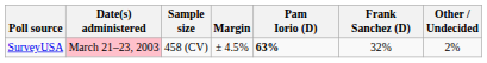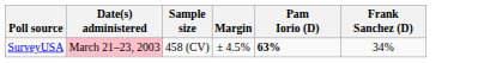 <table class="wikitable" style="font-size:90%">
 <tr valign=bottom>
 <th>Poll source</th>
 <th>Date(s)<br>administered</th>
 <th>Sample<br>size</th>
 <th>Margin<br></th>
 <th style="width:100px;">Pam<br>Iorio (D)</th>
 <th style="width:100px;">Frank<br>Sanchez (D)</th>
-<th>Other /<br>Undecided</th>
 </tr>
 <tr>
 <td><a href='#'>SurveyUSA</a></td>
 <td align=center style="background: pink;">March 21–23, 2003</td>
 <td align=center>458 (CV)</td>
 <td align=center>± 4.5%</td>
 <td><strong>63%</strong></td>
-<td align=center>32%</td>
-<td align=center>2%</td>
+<td align=center>34%</td>
 </tr>
 </table>
